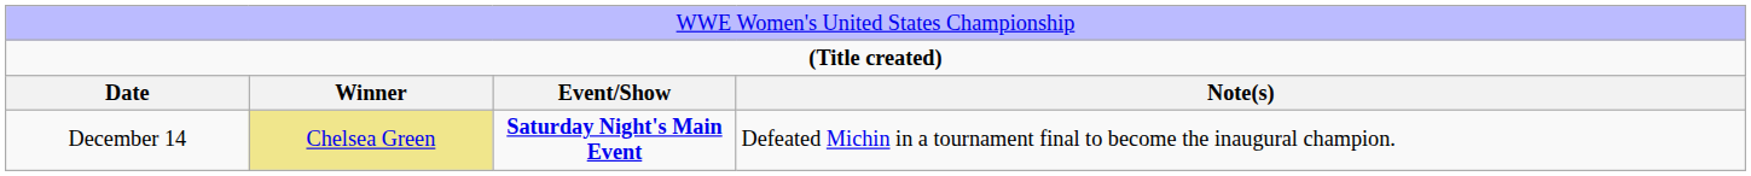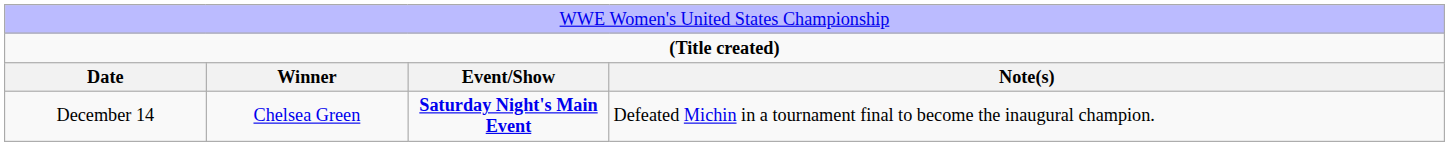 <table class="wikitable" style="text-align:center; width:100%;">
 <tr style="background:#BBF;">
 <td colspan="4" style="text-align: center;"><a href='#'>WWE Women's United States Championship</a></td>
 </tr>
 <tr>
 <td colspan="4" style="text-align: center;"><strong>(Title created)</strong></td>
 </tr>
 <tr>
 <th width=14%>Date</th>
 <th width=14%>Winner</th>
 <th width=14%>Event/Show</th>
 <th width=58%>Note(s)</th>
 </tr>
 <tr>
 <td>December 14</td>
-<td style="background: khaki;"><a href='#'>Chelsea Green</a></td>
+<td><a href='#'>Chelsea Green</a></td>
 <td><strong><a href='#'>Saturday Night's Main Event</a></strong></td>
 <td align=left>Defeated <a href='#'>Michin</a> in a tournament final to become the inaugural champion.</td>
 </tr>
 </table>
